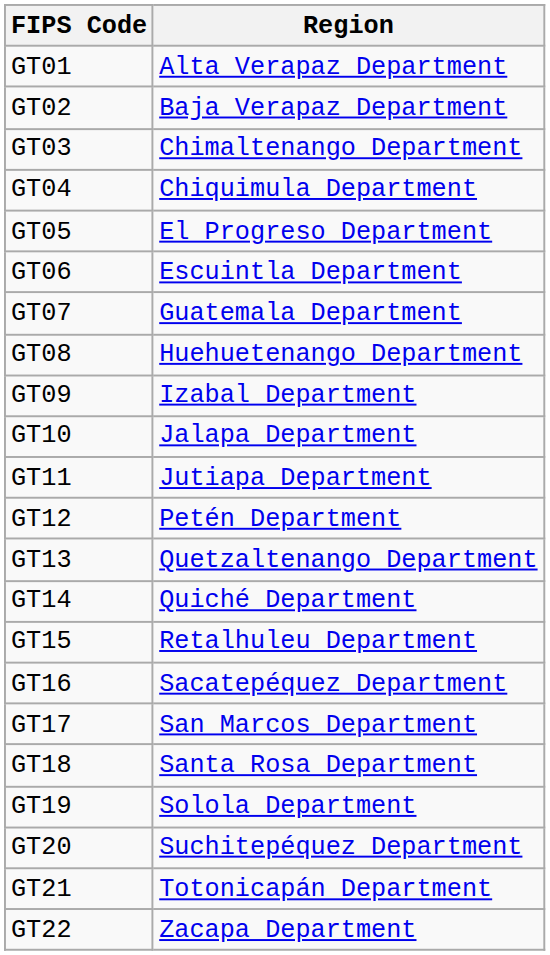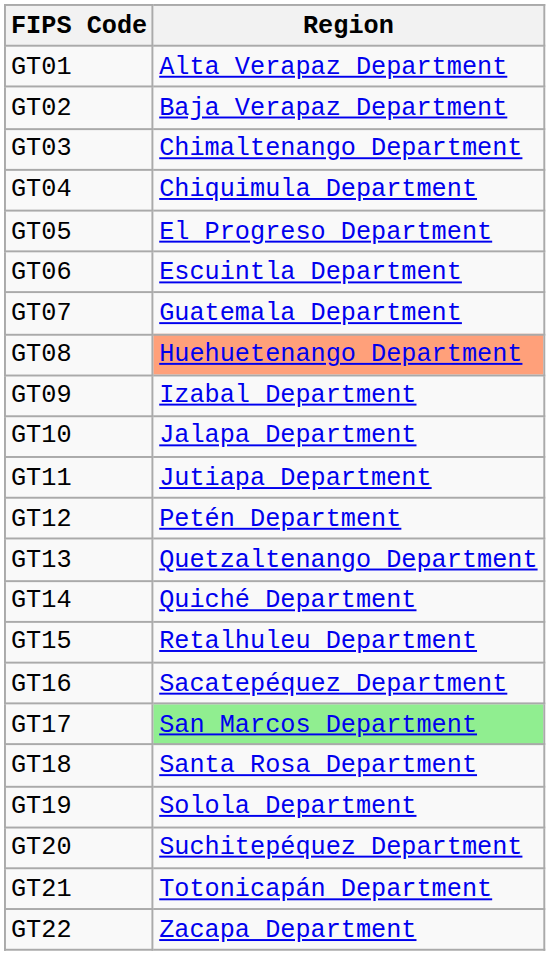 <table class="wikitable">
 <tr>
 <th>FIPS Code</th>
 <th>Region</th>
 </tr>
 <tr>
 <td>GT01</td>
 <td><a href='#'>Alta Verapaz Department</a></td>
 </tr>
 <tr>
 <td>GT02</td>
 <td><a href='#'>Baja Verapaz Department</a></td>
 </tr>
 <tr>
 <td>GT03</td>
 <td><a href='#'>Chimaltenango Department</a></td>
 </tr>
 <tr>
 <td>GT04</td>
 <td><a href='#'>Chiquimula Department</a></td>
 </tr>
 <tr>
 <td>GT05</td>
 <td><a href='#'>El Progreso Department</a></td>
 </tr>
 <tr>
 <td>GT06</td>
 <td><a href='#'>Escuintla Department</a></td>
 </tr>
 <tr>
 <td>GT07</td>
 <td><a href='#'>Guatemala Department</a></td>
 </tr>
 <tr>
 <td>GT08</td>
-<td><a href='#'>Huehuetenango Department</a></td>
+<td style="background: lightsalmon;"><a href='#'>Huehuetenango Department</a></td>
 </tr>
 <tr>
 <td>GT09</td>
 <td><a href='#'>Izabal Department</a></td>
 </tr>
 <tr>
 <td>GT10</td>
 <td><a href='#'>Jalapa Department</a></td>
 </tr>
 <tr>
 <td>GT11</td>
 <td><a href='#'>Jutiapa Department</a></td>
 </tr>
 <tr>
 <td>GT12</td>
 <td><a href='#'>Petén Department</a></td>
 </tr>
 <tr>
 <td>GT13</td>
 <td><a href='#'>Quetzaltenango Department</a></td>
 </tr>
 <tr>
 <td>GT14</td>
 <td><a href='#'>Quiché Department</a></td>
 </tr>
 <tr>
 <td>GT15</td>
 <td><a href='#'>Retalhuleu Department</a></td>
 </tr>
 <tr>
 <td>GT16</td>
 <td><a href='#'>Sacatepéquez Department</a></td>
 </tr>
 <tr>
 <td>GT17</td>
-<td><a href='#'>San Marcos Department</a></td>
+<td style="background: lightgreen;"><a href='#'>San Marcos Department</a></td>
 </tr>
 <tr>
 <td>GT18</td>
 <td><a href='#'>Santa Rosa Department</a></td>
 </tr>
 <tr>
 <td>GT19</td>
 <td><a href='#'>Solola Department</a></td>
 </tr>
 <tr>
 <td>GT20</td>
 <td><a href='#'>Suchitepéquez Department</a></td>
 </tr>
 <tr>
 <td>GT21</td>
 <td><a href='#'>Totonicapán Department</a></td>
 </tr>
 <tr>
 <td>GT22</td>
 <td><a href='#'>Zacapa Department</a></td>
 </tr>
 </table>
